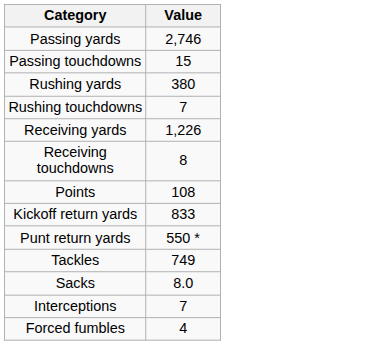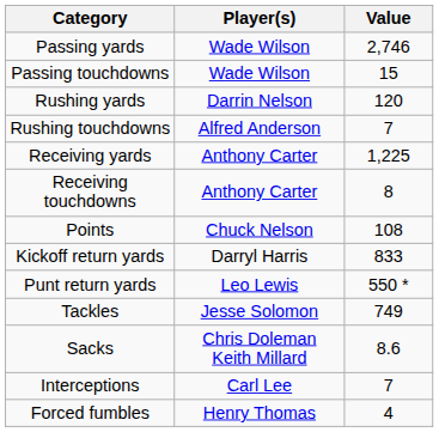 <table class="wikitable" style="text-align:center">
 <tr>
 <th width=150px>Category</th>
+<th width=150px>Player(s)</th>
 <th width=75px>Value</th>
 </tr>
 <tr>
 <td>Passing yards</td>
+<td><a href='#'>Wade Wilson</a></td>
 <td>2,746</td>
 </tr>
 <tr>
 <td>Passing touchdowns</td>
+<td><a href='#'>Wade Wilson</a></td>
 <td>15</td>
 </tr>
 <tr>
 <td>Rushing yards</td>
-<td>380</td>
+<td><a href='#'>Darrin Nelson</a></td>
+<td>120</td>
 </tr>
 <tr>
 <td>Rushing touchdowns</td>
+<td><a href='#'>Alfred Anderson</a></td>
 <td>7</td>
 </tr>
 <tr>
 <td>Receiving yards</td>
-<td>1,226</td>
+<td><a href='#'>Anthony Carter</a></td>
+<td>1,225</td>
 </tr>
 <tr>
 <td>Receiving touchdowns</td>
+<td><a href='#'>Anthony Carter</a></td>
 <td>8</td>
 </tr>
 <tr>
 <td>Points</td>
+<td><a href='#'>Chuck Nelson</a></td>
 <td>108</td>
 </tr>
 <tr>
 <td>Kickoff return yards</td>
+<td>Darryl Harris</td>
 <td>833</td>
 </tr>
 <tr>
 <td>Punt return yards</td>
+<td><a href='#'>Leo Lewis</a></td>
 <td>550 *</td>
 </tr>
 <tr>
 <td>Tackles</td>
+<td><a href='#'>Jesse Solomon</a></td>
 <td>749</td>
 </tr>
 <tr>
 <td>Sacks</td>
-<td>8.0</td>
+<td><a href='#'>Chris Doleman</a><br><a href='#'>Keith Millard</a></td>
+<td>8.6</td>
 </tr>
 <tr>
 <td>Interceptions</td>
+<td><a href='#'>Carl Lee</a></td>
 <td>7</td>
 </tr>
 <tr>
 <td>Forced fumbles</td>
+<td><a href='#'>Henry Thomas</a></td>
 <td>4</td>
 </tr>
 </table>
